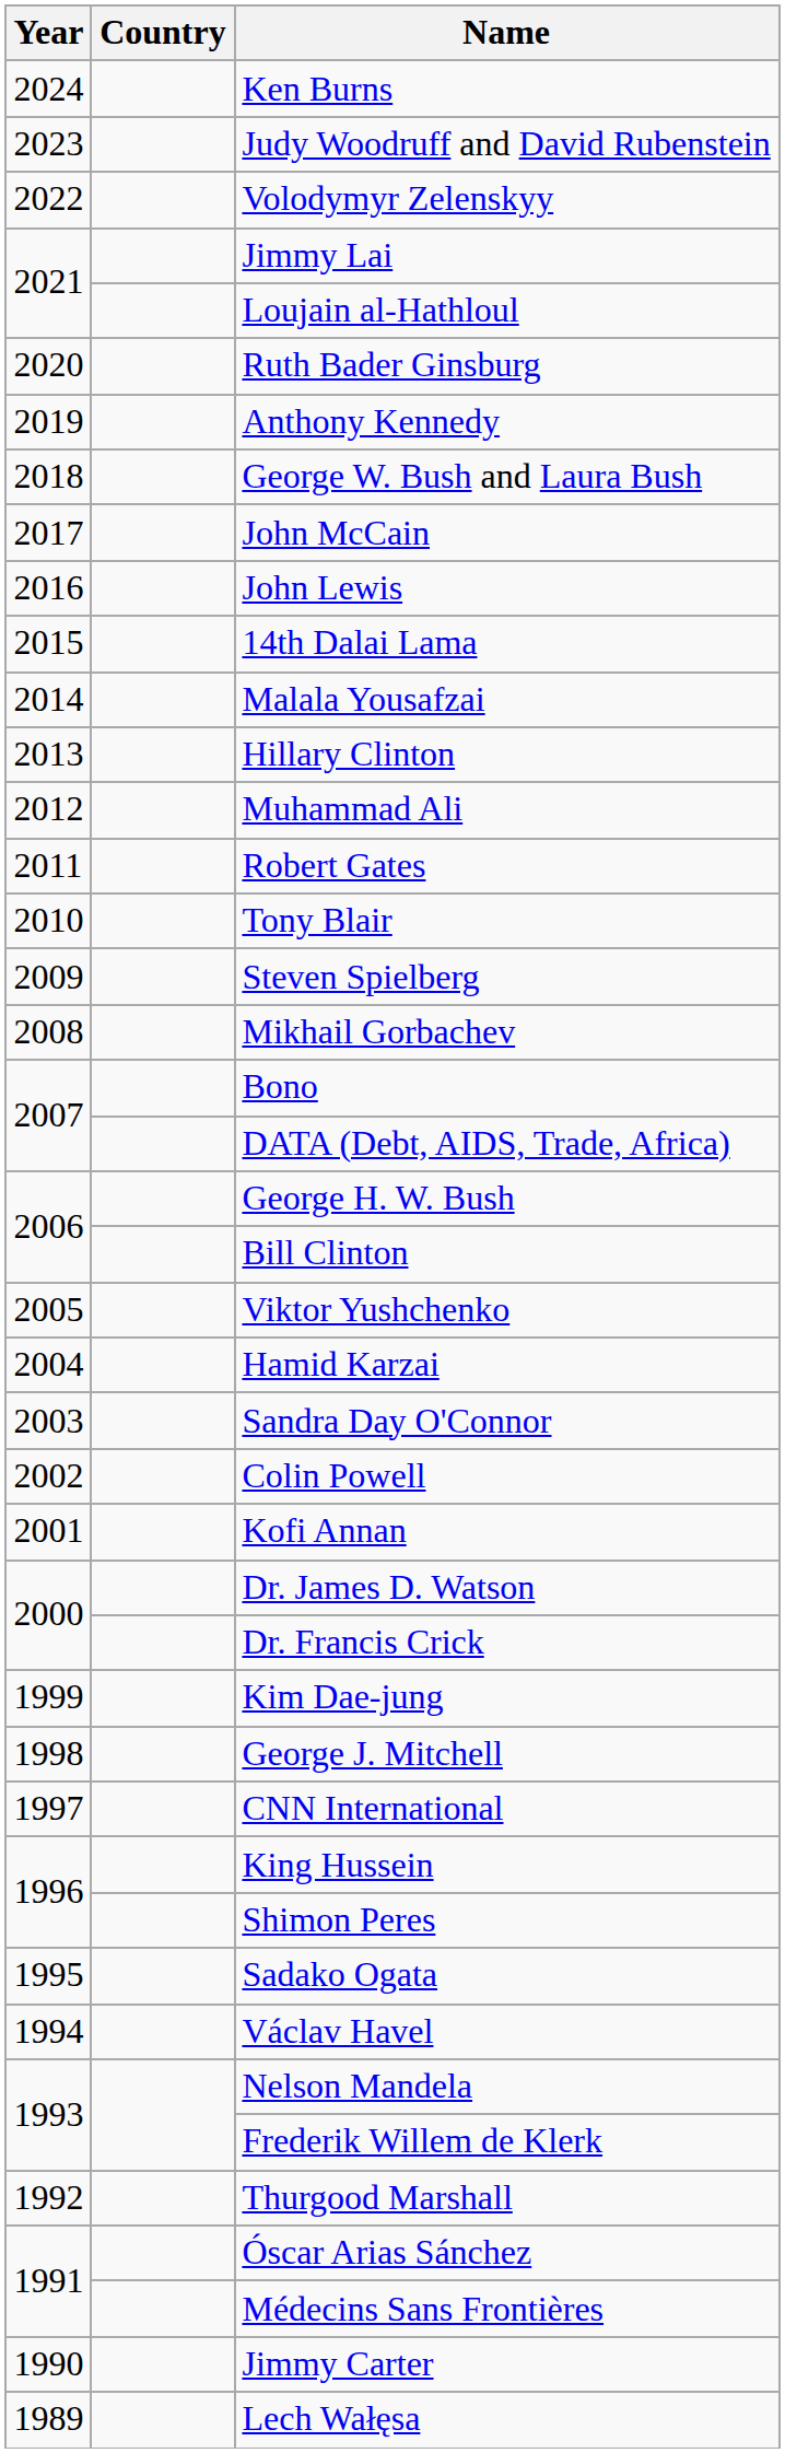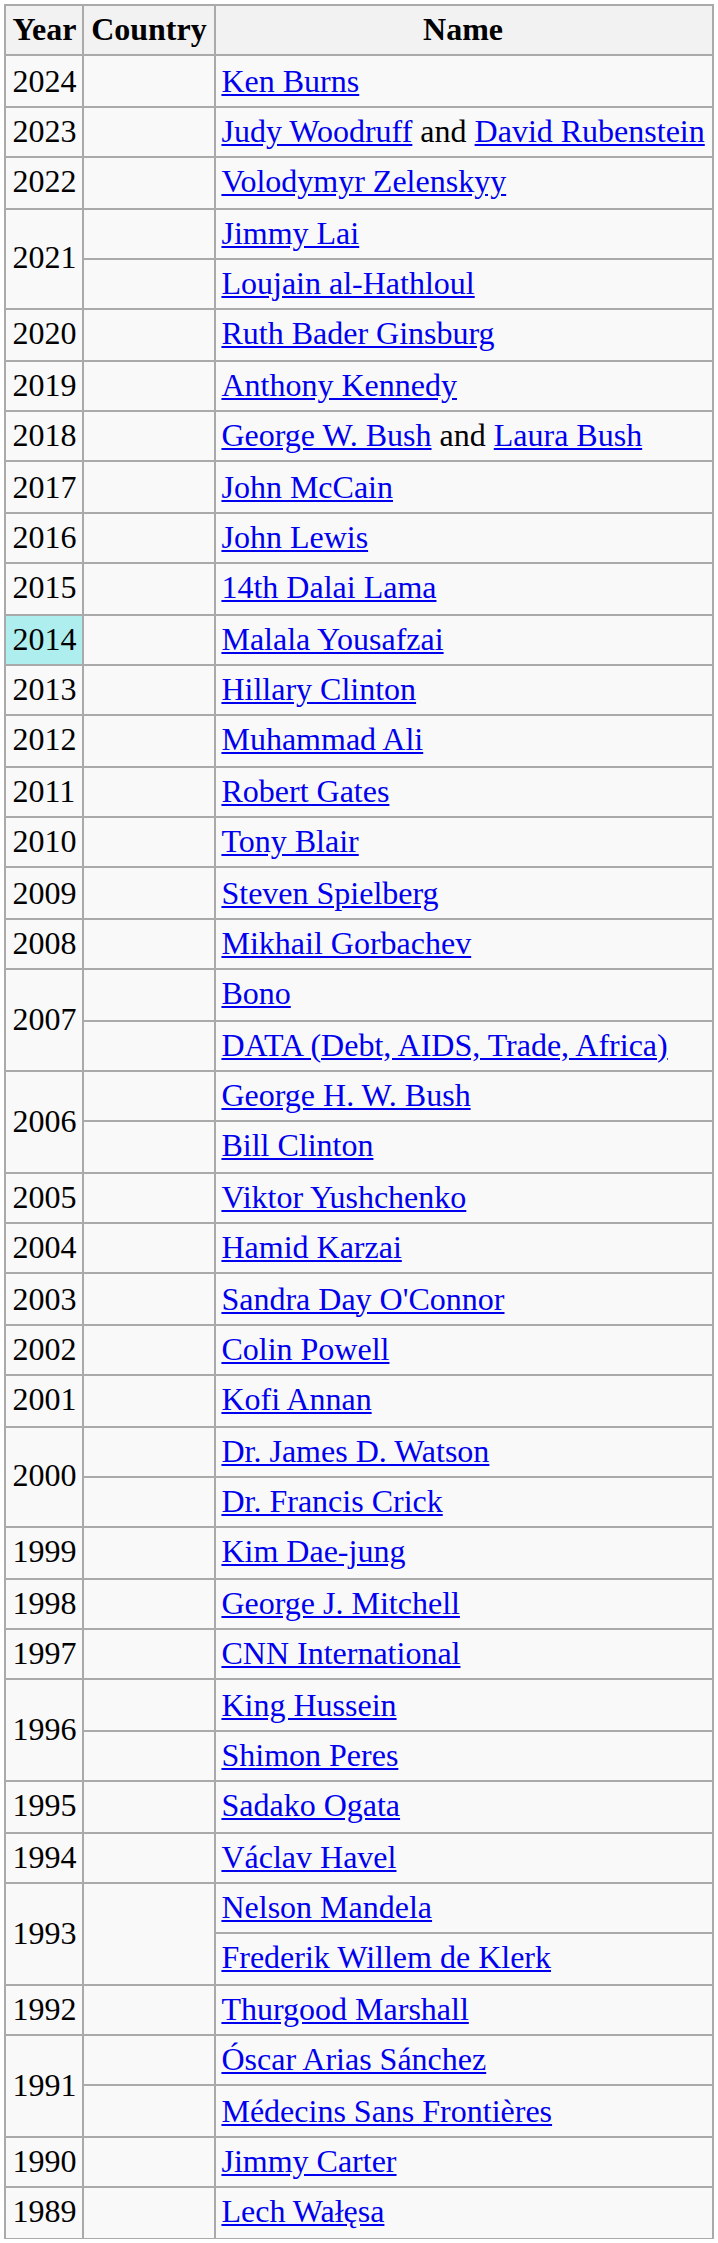 <table class="wikitable">
 <tr>
 <th>Year</th>
 <th>Country</th>
 <th>Name</th>
 </tr>
 <tr>
 <td>2024</td>
 <td></td>
 <td><a href='#'>Ken Burns</a></td>
 </tr>
 <tr>
 <td>2023</td>
 <td></td>
 <td><a href='#'>Judy Woodruff</a> and <a href='#'>David Rubenstein</a></td>
 </tr>
 <tr>
 <td>2022</td>
 <td></td>
 <td><a href='#'>Volodymyr Zelenskyy</a></td>
 </tr>
 <tr>
 <td rowspan=2>2021</td>
 <td></td>
 <td><a href='#'>Jimmy Lai</a></td>
 </tr>
 <tr>
 <td></td>
 <td><a href='#'>Loujain al-Hathloul</a></td>
 </tr>
 <tr>
 <td>2020</td>
 <td></td>
 <td><a href='#'>Ruth Bader Ginsburg</a></td>
 </tr>
 <tr>
 <td>2019</td>
 <td></td>
 <td><a href='#'>Anthony Kennedy</a></td>
 </tr>
 <tr>
 <td>2018</td>
 <td></td>
 <td><a href='#'>George W. Bush</a> and <a href='#'>Laura Bush</a></td>
 </tr>
 <tr>
 <td>2017</td>
 <td></td>
 <td><a href='#'>John McCain</a></td>
 </tr>
 <tr>
 <td>2016</td>
 <td></td>
 <td><a href='#'>John Lewis</a></td>
 </tr>
 <tr>
 <td>2015</td>
 <td></td>
 <td><a href='#'>14th Dalai Lama</a></td>
 </tr>
 <tr>
-<td>2014</td>
+<td style="background: paleturquoise;">2014</td>
 <td></td>
 <td><a href='#'>Malala Yousafzai</a></td>
 </tr>
 <tr>
 <td>2013</td>
 <td></td>
 <td><a href='#'>Hillary Clinton</a></td>
 </tr>
 <tr>
 <td>2012</td>
 <td></td>
 <td><a href='#'>Muhammad Ali</a></td>
 </tr>
 <tr>
 <td>2011</td>
 <td></td>
 <td><a href='#'>Robert Gates</a></td>
 </tr>
 <tr>
 <td>2010</td>
 <td></td>
 <td><a href='#'>Tony Blair</a></td>
 </tr>
 <tr>
 <td>2009</td>
 <td></td>
 <td><a href='#'>Steven Spielberg</a></td>
 </tr>
 <tr>
 <td>2008</td>
 <td></td>
 <td><a href='#'>Mikhail Gorbachev</a></td>
 </tr>
 <tr>
 <td rowspan=2>2007</td>
 <td></td>
 <td><a href='#'>Bono</a></td>
 </tr>
 <tr>
 <td></td>
 <td><a href='#'>DATA (Debt, AIDS, Trade, Africa)</a></td>
 </tr>
 <tr>
 <td rowspan=2>2006</td>
 <td></td>
 <td><a href='#'>George H. W. Bush</a></td>
 </tr>
 <tr>
 <td></td>
 <td><a href='#'>Bill Clinton</a></td>
 </tr>
 <tr>
 <td>2005</td>
 <td></td>
 <td><a href='#'>Viktor Yushchenko</a></td>
 </tr>
 <tr>
 <td>2004</td>
 <td></td>
 <td><a href='#'>Hamid Karzai</a></td>
 </tr>
 <tr>
 <td>2003</td>
 <td></td>
 <td><a href='#'>Sandra Day O'Connor</a></td>
 </tr>
 <tr>
 <td>2002</td>
 <td></td>
 <td><a href='#'>Colin Powell</a></td>
 </tr>
 <tr>
 <td>2001</td>
 <td></td>
 <td><a href='#'>Kofi Annan</a></td>
 </tr>
 <tr>
 <td rowspan=2>2000</td>
 <td></td>
 <td><a href='#'>Dr. James D. Watson</a></td>
 </tr>
 <tr>
 <td></td>
 <td><a href='#'>Dr. Francis Crick</a></td>
 </tr>
 <tr>
 <td>1999</td>
 <td></td>
 <td><a href='#'>Kim Dae-jung</a></td>
 </tr>
 <tr>
 <td>1998</td>
 <td></td>
 <td><a href='#'>George J. Mitchell</a></td>
 </tr>
 <tr>
 <td>1997</td>
 <td></td>
 <td><a href='#'>CNN International</a></td>
 </tr>
 <tr>
 <td rowspan=2>1996</td>
 <td></td>
 <td><a href='#'>King Hussein</a></td>
 </tr>
 <tr>
 <td></td>
 <td><a href='#'>Shimon Peres</a></td>
 </tr>
 <tr>
 <td>1995</td>
 <td></td>
 <td><a href='#'>Sadako Ogata</a></td>
 </tr>
 <tr>
 <td>1994</td>
 <td></td>
 <td><a href='#'>Václav Havel</a></td>
 </tr>
 <tr>
 <td rowspan=2>1993</td>
 <td rowspan=2></td>
 <td><a href='#'>Nelson Mandela</a></td>
 </tr>
 <tr>
 <td><a href='#'>Frederik Willem de Klerk</a></td>
 </tr>
 <tr>
 <td>1992</td>
 <td></td>
 <td><a href='#'>Thurgood Marshall</a></td>
 </tr>
 <tr>
 <td rowspan=2>1991</td>
 <td></td>
 <td><a href='#'>Óscar Arias Sánchez</a></td>
 </tr>
 <tr>
 <td></td>
 <td><a href='#'>Médecins Sans Frontières</a></td>
 </tr>
 <tr>
 <td>1990</td>
 <td></td>
 <td><a href='#'>Jimmy Carter</a></td>
 </tr>
 <tr>
 <td>1989</td>
 <td></td>
 <td><a href='#'>Lech Wałęsa</a></td>
 </tr>
 </table>
